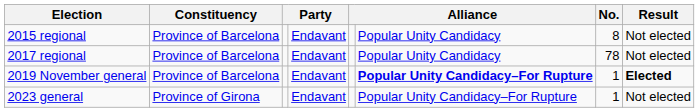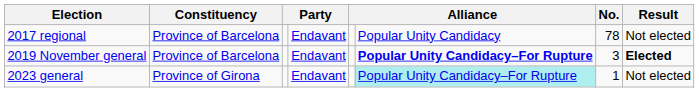 <table class="wikitable" style="text-align:left;">
 <tr>
 <th scope=col>Election</th>
 <th scope=col>Constituency</th>
 <th scope=col colspan="2">Party</th>
 <th scope=col colspan="2">Alliance</th>
 <th scope=col>No.</th>
 <th scope=col>Result</th>
-</tr>
-<tr>
-<td><a href='#'>2015 regional</a></td>
-<td><a href='#'>Province of Barcelona</a></td>
-<td style="background:"></td>
-<td><a href='#'>Endavant</a></td>
-<td style="background:"></td>
-<td><a href='#'>Popular Unity Candidacy</a></td>
-<td align=right>8</td>
-<td>Not elected</td>
 </tr>
 <tr>
 <td><a href='#'>2017 regional</a></td>
 <td><a href='#'>Province of Barcelona</a></td>
 <td style="background:"></td>
 <td><a href='#'>Endavant</a></td>
 <td style="background:"></td>
 <td><a href='#'>Popular Unity Candidacy</a></td>
 <td align=right>78</td>
 <td>Not elected</td>
 </tr>
 <tr>
 <td><a href='#'>2019 November general</a></td>
 <td><a href='#'>Province of Barcelona</a></td>
 <td style="background:"></td>
 <td><a href='#'>Endavant</a></td>
 <td style="background:"></td>
 <td><strong><a href='#'>Popular Unity Candidacy–For Rupture</a></strong></td>
-<td align=right>1</td>
+<td align=right>3</td>
 <td><strong>Elected</strong></td>
 </tr>
 <tr>
 <td><a href='#'>2023 general</a></td>
 <td><a href='#'>Province of Girona</a></td>
 <td style="background:"></td>
 <td><a href='#'>Endavant</a></td>
 <td style="background:"></td>
-<td><a href='#'>Popular Unity Candidacy–For Rupture</a></td>
+<td style="background: paleturquoise;"><a href='#'>Popular Unity Candidacy–For Rupture</a></td>
 <td align=right>1</td>
 <td>Not elected</td>
 </tr>
 </table>
